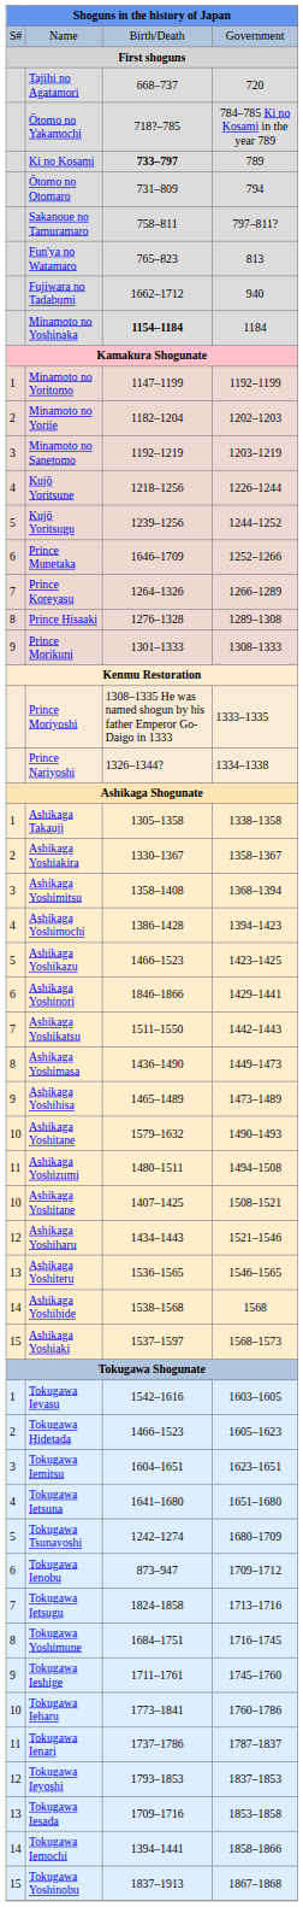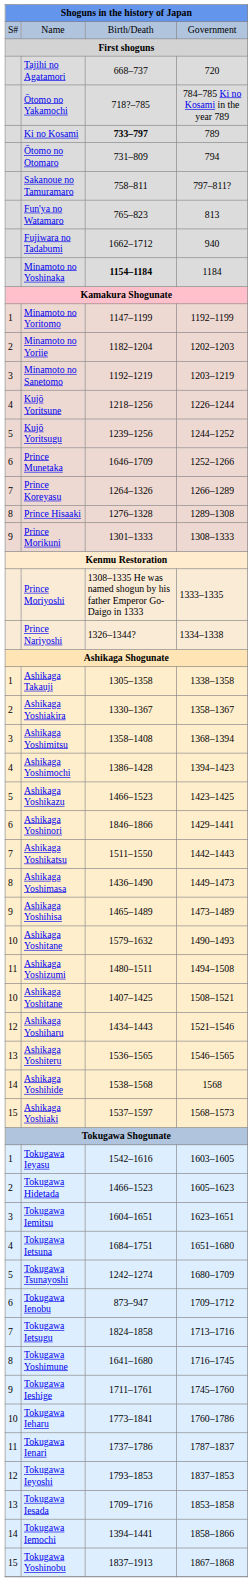 <table class="toccolours" border="1" cellpadding="4" style="float: right; margin: 0 0 1em 1em; width: 25em; border-collapse: collapse; font-size: 95%; clear: right;">
 <tr>
 <th colspan=4 align=center bgcolor=CornflowerBlue>Shoguns in the history of Japan</th>
 </tr>
 <tr style="background:LightSteelBlue; align:center">
 <td align="center">S#</td>
 <td align="center">Name</td>
 <td align="center">Birth/Death</td>
 <td align="center">Government</td>
 </tr>
 <tr>
 <th colspan=4 align=center bgcolor=LightGrey>First shoguns</th>
 </tr>
 <tr style="background:Gainsboro">
 <td></td>
 <td><a href='#'>Tajihi no Agatamori</a></td>
 <td align="center">668–737</td>
 <td align="center">720</td>
 </tr>
 <tr style="background:Gainsboro">
 <td></td>
 <td><a href='#'>Ōtomo no Yakamochi</a></td>
 <td align="center">718?–785</td>
 <td align="center">784–785 <a href='#'>Ki no Kosami</a> in the year 789</td>
 </tr>
 <tr style="background:Gainsboro">
 <td></td>
 <td><a href='#'>Ki no Kosami</a></td>
 <td align="center"><strong>733–797</strong></td>
 <td align="center">789</td>
 </tr>
 <tr style="background:Gainsboro">
 <td></td>
 <td><a href='#'>Ōtomo no Otomaro</a></td>
 <td align="center">731–809</td>
 <td align="center">794</td>
 </tr>
 <tr style="background:Gainsboro">
 <td></td>
 <td><a href='#'>Sakanoue no Tamuramaro</a></td>
 <td align="center">758–811</td>
 <td align="center">797–811?</td>
 </tr>
 <tr style="background:Gainsboro">
 <td></td>
 <td><a href='#'>Fun'ya no Watamaro</a></td>
 <td align="center">765–823</td>
 <td align="center">813</td>
 </tr>
 <tr style="background:Gainsboro">
 <td></td>
 <td><a href='#'>Fujiwara no Tadabumi</a></td>
 <td align="center">1662–1712</td>
 <td align="center">940</td>
 </tr>
 <tr style="background:Gainsboro">
 <td></td>
 <td><a href='#'>Minamoto no Yoshinaka</a></td>
 <td align="center"><strong>1154–1184</strong></td>
 <td align="center">1184</td>
 </tr>
 <tr>
 <th colspan=4 align=center bgcolor=pink>Kamakura Shogunate</th>
 </tr>
 <tr style="background:#EED8D2">
 <td>1</td>
 <td><a href='#'>Minamoto no Yoritomo</a></td>
 <td align="center">1147–1199</td>
 <td align="center">1192–1199</td>
 </tr>
 <tr style="background:#EED8D2">
 <td>2</td>
 <td><a href='#'>Minamoto no Yoriie</a></td>
 <td align="center">1182–1204</td>
 <td align="center">1202–1203</td>
 </tr>
 <tr style="background:#EED8D2">
 <td>3</td>
 <td><a href='#'>Minamoto no Sanetomo</a></td>
 <td align="center">1192–1219</td>
 <td align="center">1203–1219</td>
 </tr>
 <tr style="background:#EED8D2">
 <td>4</td>
 <td><a href='#'>Kujō Yoritsune</a></td>
 <td align="center">1218–1256</td>
 <td align="center">1226–1244</td>
 </tr>
 <tr style="background:#EED8D2">
 <td>5</td>
 <td><a href='#'>Kujō Yoritsugu</a></td>
 <td align="center">1239–1256</td>
 <td align="center">1244–1252</td>
 </tr>
 <tr style="background:#EED8D2">
 <td>6</td>
 <td><a href='#'>Prince Munetaka</a></td>
 <td align="center">1646–1709</td>
 <td align="center">1252–1266</td>
 </tr>
 <tr style="background:#EED8D2">
 <td>7</td>
 <td><a href='#'>Prince Koreyasu</a></td>
 <td align="center">1264–1326</td>
 <td align="center">1266–1289</td>
 </tr>
 <tr style="background:#EED8D2">
 <td>8</td>
 <td><a href='#'>Prince Hisaaki</a></td>
 <td align="center">1276–1328</td>
 <td align="center">1289–1308</td>
 </tr>
 <tr style="background:#EED8D2">
 <td>9</td>
 <td><a href='#'>Prince Morikuni</a></td>
 <td align="center">1301–1333</td>
 <td align="center">1308–1333</td>
 </tr>
 <tr>
 <th colspan=4 align=center bgcolor=BlanchedAlmond>Kenmu Restoration</th>
 </tr>
 <tr style="background:AntiqueWhite">
 <td></td>
 <td><a href='#'>Prince Moriyoshi</a></td>
 <td>1308–1335 He was named shogun by his father Emperor Go-Daigo in 1333</td>
 <td>1333–1335</td>
 </tr>
 <tr style="background:AntiqueWhite">
 <td></td>
 <td><a href='#'>Prince Nariyoshi</a></td>
 <td>1326–1344?</td>
 <td>1334–1338</td>
 </tr>
 <tr>
 <th colspan=4 align=center bgcolor=Moccasin>Ashikaga Shogunate</th>
 </tr>
 <tr style="background:#FFEECC">
 <td>1</td>
 <td><a href='#'>Ashikaga Takauji</a></td>
 <td align="center">1305–1358</td>
 <td align="center">1338–1358</td>
 </tr>
 <tr style="background:#FFEECC">
 <td>2</td>
 <td><a href='#'>Ashikaga Yoshiakira</a></td>
 <td align="center">1330–1367</td>
 <td align="center">1358–1367</td>
 </tr>
 <tr style="background:#FFEECC">
 <td>3</td>
 <td><a href='#'>Ashikaga Yoshimitsu</a></td>
 <td align="center">1358–1408</td>
 <td align="center">1368–1394</td>
 </tr>
 <tr style="background:#FFEECC">
 <td>4</td>
 <td><a href='#'>Ashikaga Yoshimochi</a></td>
 <td align="center">1386–1428</td>
 <td align="center">1394–1423</td>
 </tr>
 <tr style="background:#FFEECC">
 <td>5</td>
 <td><a href='#'>Ashikaga Yoshikazu</a></td>
 <td align="center">1466–1523</td>
 <td align="center">1423–1425</td>
 </tr>
 <tr style="background:#FFEECC">
 <td>6</td>
 <td><a href='#'>Ashikaga Yoshinori</a></td>
 <td align="center">1846–1866</td>
 <td align="center">1429–1441</td>
 </tr>
 <tr style="background:#FFEECC">
 <td>7</td>
 <td><a href='#'>Ashikaga Yoshikatsu</a></td>
 <td align="center">1511–1550</td>
 <td align="center">1442–1443</td>
 </tr>
 <tr style="background:#FFEECC">
 <td>8</td>
 <td><a href='#'>Ashikaga Yoshimasa</a></td>
 <td align="center">1436–1490</td>
 <td align="center">1449–1473</td>
 </tr>
 <tr style="background:#FFEECC">
 <td>9</td>
 <td><a href='#'>Ashikaga Yoshihisa</a></td>
 <td align="center">1465–1489</td>
 <td align="center">1473–1489</td>
 </tr>
 <tr style="background:#FFEECC">
 <td>10</td>
 <td><a href='#'>Ashikaga Yoshitane</a></td>
 <td align="center">1579–1632</td>
 <td align="center">1490–1493</td>
 </tr>
 <tr style="background:#FFEECC">
 <td>11</td>
 <td><a href='#'>Ashikaga Yoshizumi</a></td>
 <td align="center">1480–1511</td>
 <td align="center">1494–1508</td>
 </tr>
 <tr style="background:#FFEECC">
 <td>10</td>
 <td><a href='#'>Ashikaga Yoshitane</a></td>
 <td align="center">1407–1425</td>
 <td align="center">1508–1521</td>
 </tr>
 <tr style="background:#FFEECC">
 <td>12</td>
 <td><a href='#'>Ashikaga Yoshiharu</a></td>
 <td align="center">1434–1443</td>
 <td align="center">1521–1546</td>
 </tr>
 <tr style="background:#FFEECC">
 <td>13</td>
 <td><a href='#'>Ashikaga Yoshiteru</a></td>
 <td align="center">1536–1565</td>
 <td align="center">1546–1565</td>
 </tr>
 <tr style="background:#FFEECC">
 <td>14</td>
 <td><a href='#'>Ashikaga Yoshihide</a></td>
 <td align="center">1538–1568</td>
 <td align="center">1568</td>
 </tr>
 <tr style="background:#FFEECC">
 <td>15</td>
 <td><a href='#'>Ashikaga Yoshiaki</a></td>
 <td align="center">1537–1597</td>
 <td align="center">1568–1573</td>
 </tr>
 <tr style="background:#FFEECC">
 <th colspan=4 align=center bgcolor=lightsteelblue>Tokugawa Shogunate</th>
 </tr>
 <tr style="background:#DDEEFF">
 <td>1</td>
 <td><a href='#'>Tokugawa Ieyasu</a></td>
 <td align="center">1542–1616</td>
 <td align="center">1603–1605</td>
 </tr>
 <tr style="background:#DDEEFF">
 <td>2</td>
 <td><a href='#'>Tokugawa Hidetada</a></td>
 <td align="center">1466–1523</td>
 <td align="center">1605–1623</td>
 </tr>
 <tr style="background:#DDEEFF">
 <td>3</td>
 <td><a href='#'>Tokugawa Iemitsu</a></td>
 <td align="center">1604–1651</td>
 <td align="center">1623–1651</td>
 </tr>
 <tr style="background:#DDEEFF">
 <td>4</td>
 <td><a href='#'>Tokugawa Ietsuna</a></td>
-<td align="center">1641–1680</td>
+<td align="center">1684–1751</td>
 <td align="center">1651–1680</td>
 </tr>
 <tr style="background:#DDEEFF">
 <td>5</td>
 <td><a href='#'>Tokugawa Tsunayoshi</a></td>
 <td align="center">1242–1274</td>
 <td align="center">1680–1709</td>
 </tr>
 <tr style="background:#DDEEFF">
 <td>6</td>
 <td><a href='#'>Tokugawa Ienobu</a></td>
 <td align="center">873–947</td>
 <td align="center">1709–1712</td>
 </tr>
 <tr style="background:#DDEEFF">
 <td>7</td>
 <td><a href='#'>Tokugawa Ietsugu</a></td>
 <td align="center">1824–1858</td>
 <td align="center">1713–1716</td>
 </tr>
 <tr style="background:#DDEEFF">
 <td>8</td>
 <td><a href='#'>Tokugawa Yoshimune</a></td>
-<td align="center">1684–1751</td>
+<td align="center">1641–1680</td>
 <td align="center">1716–1745</td>
 </tr>
 <tr style="background:#DDEEFF">
 <td>9</td>
 <td><a href='#'>Tokugawa Ieshige</a></td>
 <td align="center">1711–1761</td>
 <td align="center">1745–1760</td>
 </tr>
 <tr style="background:#DDEEFF">
 <td>10</td>
 <td><a href='#'>Tokugawa Ieharu</a></td>
 <td align="center">1773–1841</td>
 <td align="center">1760–1786</td>
 </tr>
 <tr style="background:#DDEEFF">
 <td>11</td>
 <td><a href='#'>Tokugawa Ienari</a></td>
 <td align="center">1737–1786</td>
 <td align="center">1787–1837</td>
 </tr>
 <tr style="background:#DDEEFF">
 <td>12</td>
 <td><a href='#'>Tokugawa Ieyoshi</a></td>
 <td align="center">1793–1853</td>
 <td align="center">1837–1853</td>
 </tr>
 <tr style="background:#DDEEFF">
 <td>13</td>
 <td><a href='#'>Tokugawa Iesada</a></td>
 <td align="center">1709–1716</td>
 <td align="center">1853–1858</td>
 </tr>
 <tr style="background:#DDEEFF">
 <td>14</td>
 <td><a href='#'>Tokugawa Iemochi</a></td>
 <td align="center">1394–1441</td>
 <td align="center">1858–1866</td>
 </tr>
 <tr style="background:#DDEEFF">
 <td>15</td>
 <td><a href='#'>Tokugawa Yoshinobu</a></td>
 <td align="center">1837–1913</td>
 <td align="center">1867–1868</td>
 </tr>
 <tr>
 </tr>
 </table>
